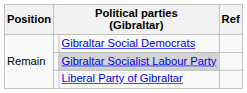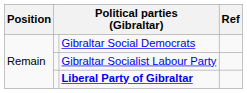 <table class="wikitable">
 <tr>
 <th>Position</th>
 <th colspan=2>Political parties<br>(Gibraltar)</th>
 <th>Ref</th>
 </tr>
 <tr>
 <td rowspan="3">Remain</td>
 <td style="background-color: "></td>
 <td><a href='#'>Gibraltar Social Democrats</a></td>
 <td></td>
 </tr>
 <tr>
 <td style="background-color: "></td>
-<td style="background: lightgrey;"><a href='#'>Gibraltar Socialist Labour Party</a></td>
+<td><a href='#'>Gibraltar Socialist Labour Party</a></td>
 <td></td>
 </tr>
 <tr>
 <td style="background-color: "></td>
-<td><a href='#'>Liberal Party of Gibraltar</a></td>
+<td><strong><a href='#'>Liberal Party of Gibraltar</a></strong></td>
 <td></td>
 </tr>
 </table>
